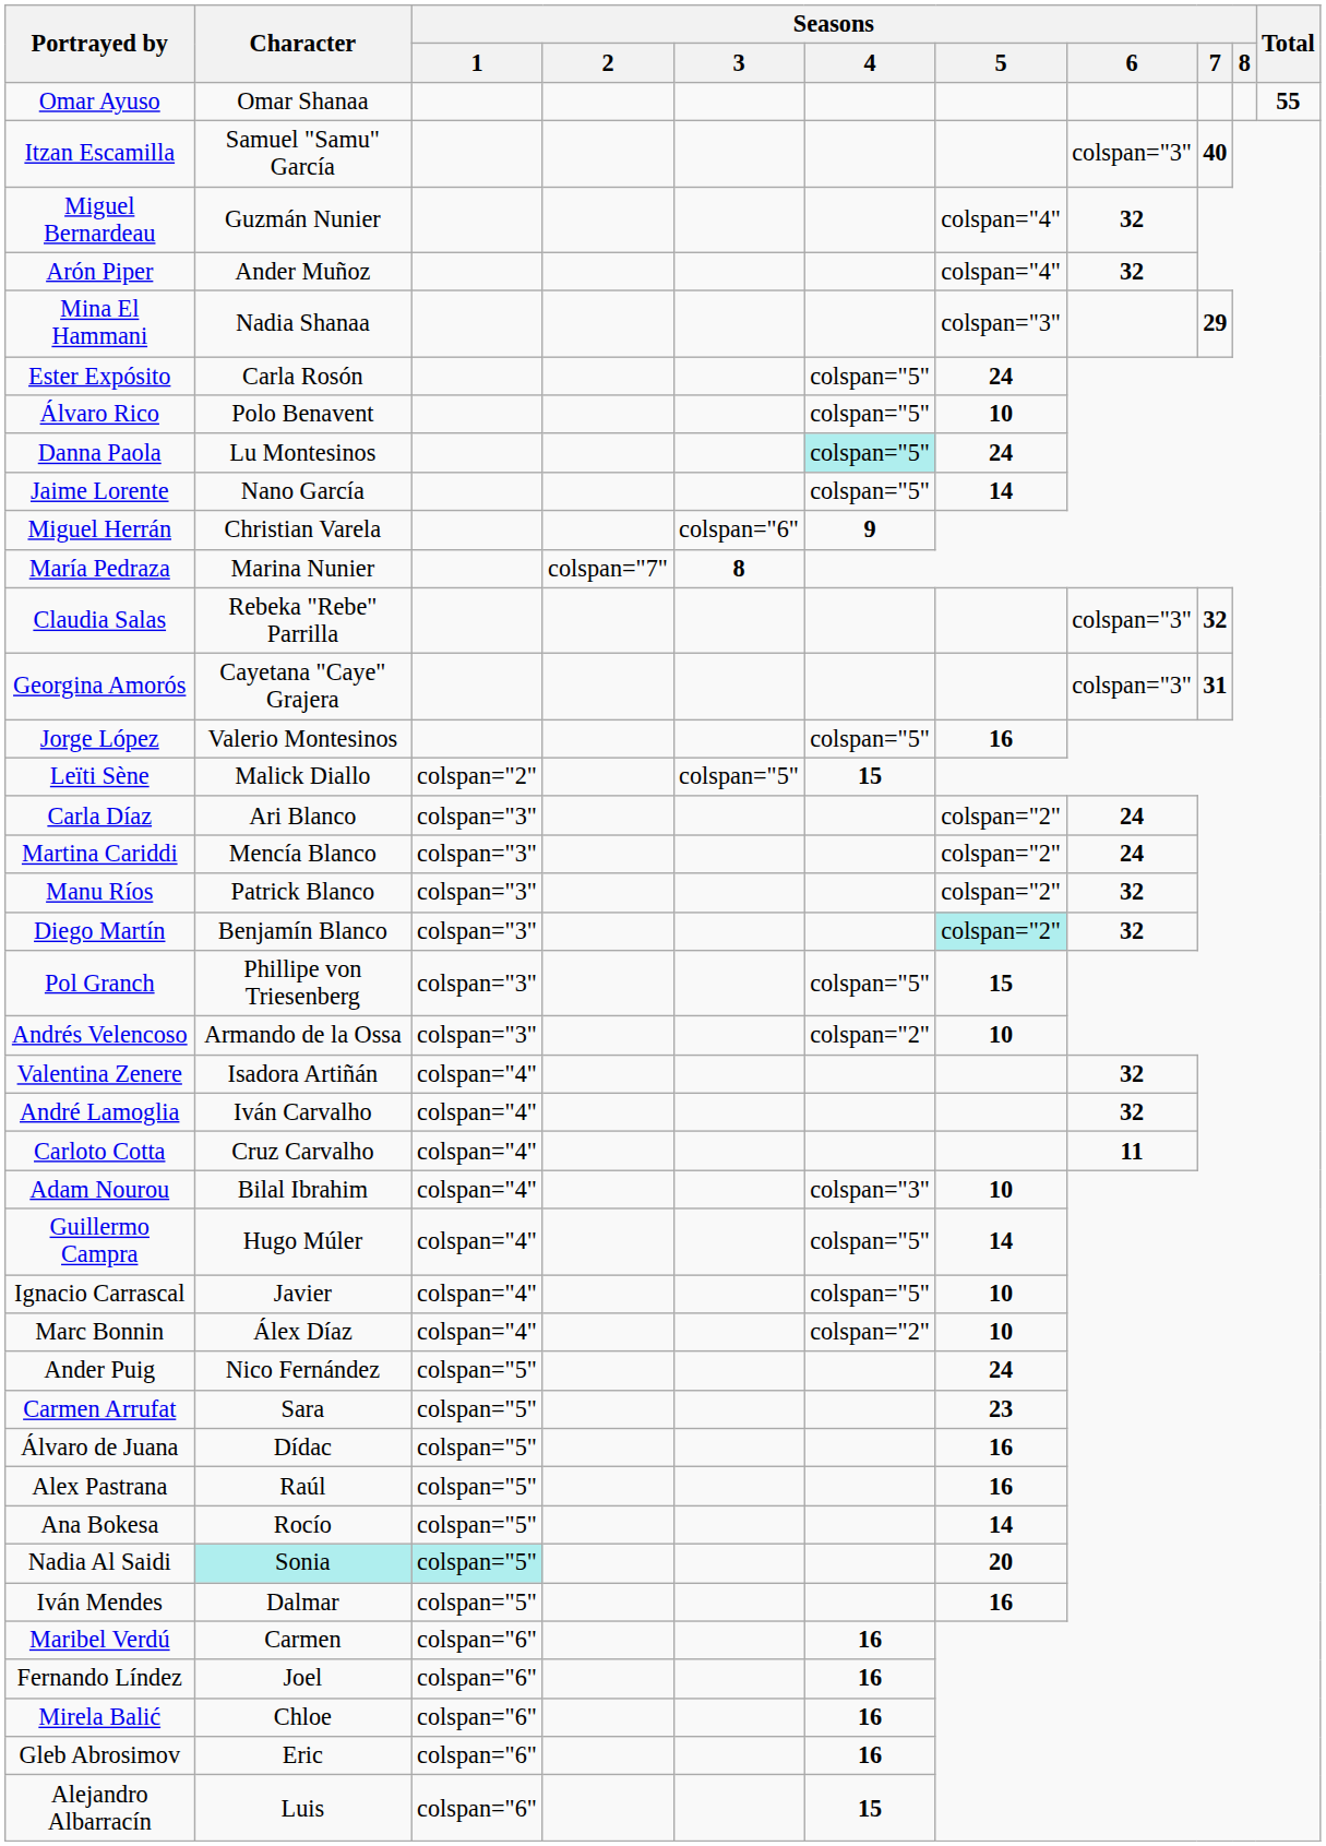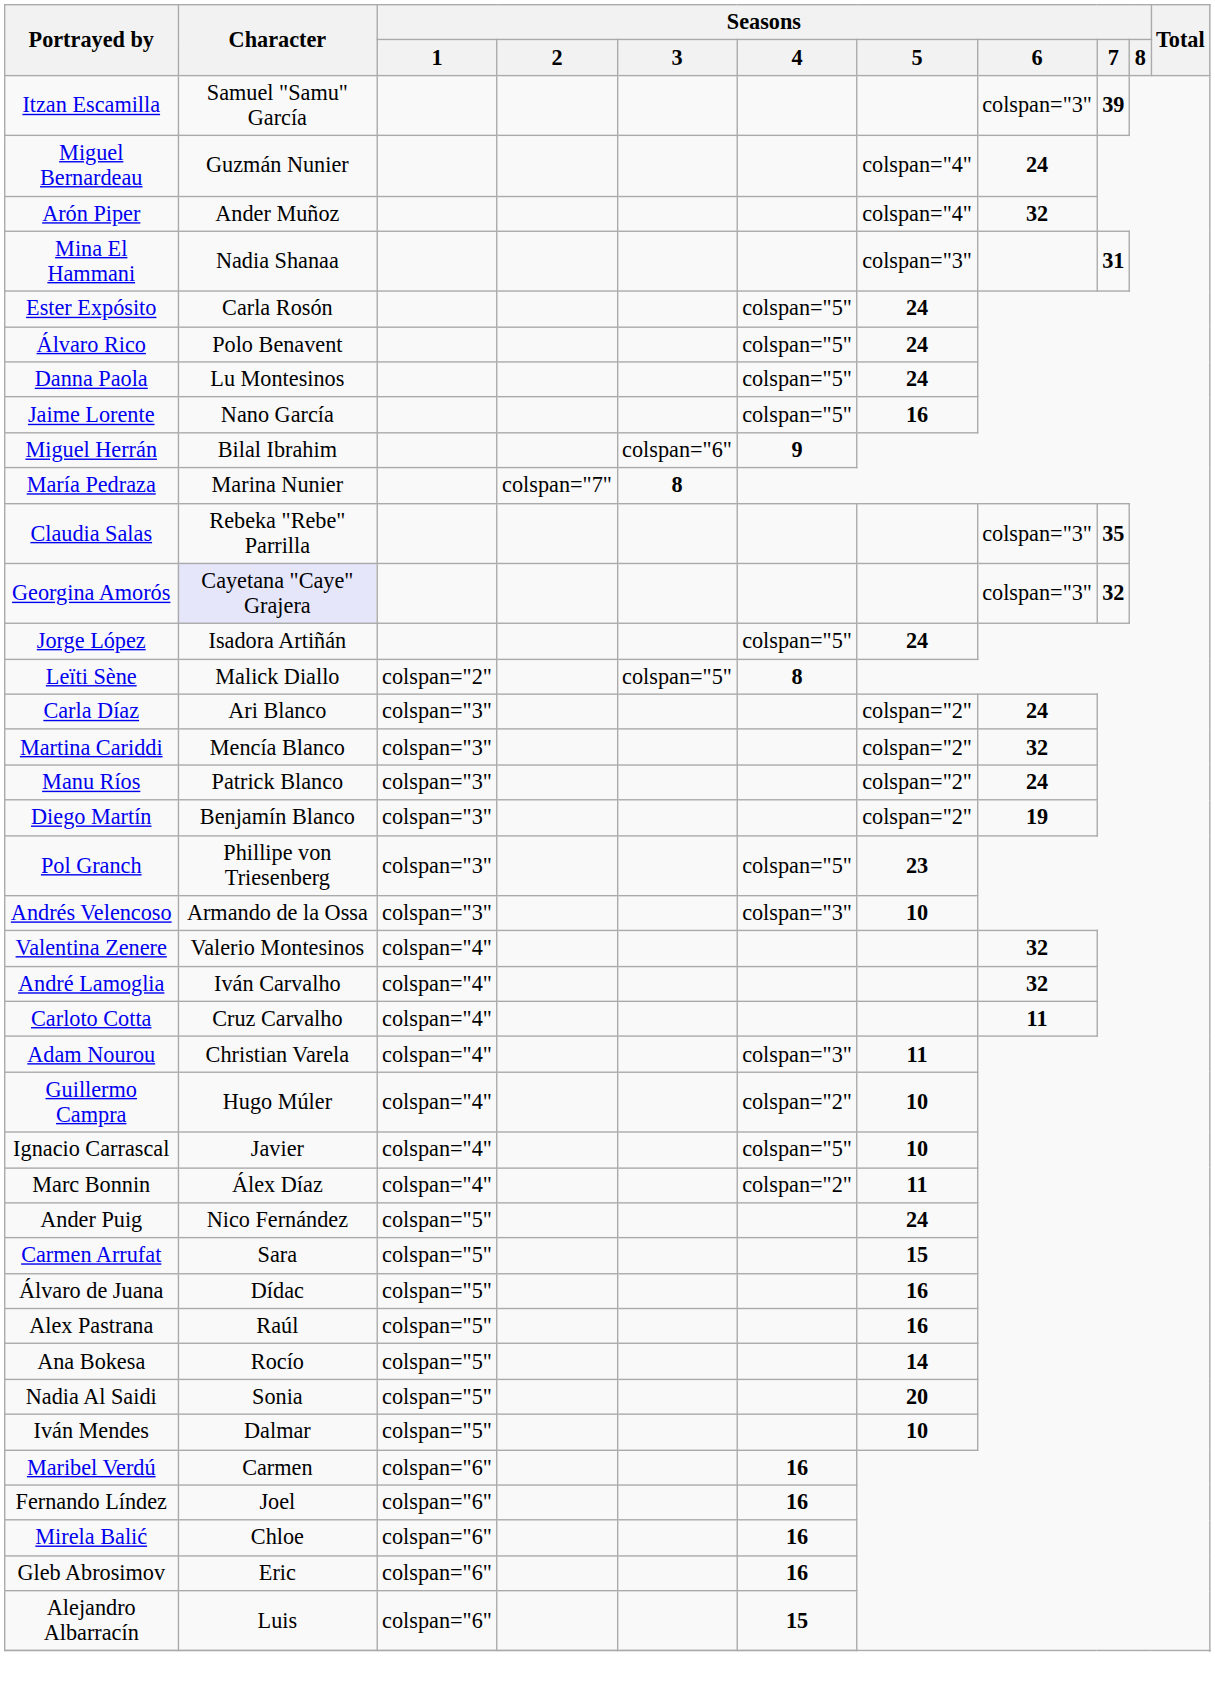 <table class="wikitable" style="text-align:center;">
 <tr>
 <th rowspan="2">Portrayed by</th>
 <th rowspan="2">Character</th>
 <th colspan="8">Seasons</th>
 <th rowspan="2">Total</th>
 </tr>
 <tr>
 <th>1</th>
 <th>2</th>
 <th>3</th>
 <th>4</th>
 <th>5</th>
 <th>6</th>
 <th>7</th>
 <th>8</th>
 </tr>
 <tr>
-<td><a href='#'>Omar Ayuso</a></td>
-<td>Omar Shanaa</td>
-<td></td>
-<td></td>
-<td></td>
-<td></td>
-<td></td>
-<td></td>
-<td></td>
-<td></td>
-<td><strong>55</strong></td>
-</tr>
-<tr>
 <td><a href='#'>Itzan Escamilla</a></td>
 <td>Samuel "Samu" García</td>
 <td></td>
 <td></td>
 <td></td>
 <td></td>
 <td></td>
 <td>colspan="3" </td>
-<td><strong>40</strong></td>
+<td><strong>39</strong></td>
 </tr>
 <tr>
 <td><a href='#'>Miguel Bernardeau</a></td>
 <td>Guzmán Nunier</td>
 <td></td>
 <td></td>
 <td></td>
 <td></td>
 <td>colspan="4" </td>
-<td><strong>32</strong></td>
+<td><strong>24</strong></td>
 </tr>
 <tr>
 <td><a href='#'>Arón Piper</a></td>
 <td>Ander Muñoz</td>
 <td></td>
 <td></td>
 <td></td>
 <td></td>
 <td>colspan="4" </td>
 <td><strong>32</strong></td>
 </tr>
 <tr>
 <td><a href='#'>Mina El Hammani</a></td>
 <td>Nadia Shanaa</td>
 <td></td>
 <td></td>
 <td></td>
 <td></td>
 <td>colspan="3" </td>
 <td></td>
-<td><strong>29</strong></td>
+<td><strong>31</strong></td>
 </tr>
 <tr>
 <td><a href='#'>Ester Expósito</a></td>
 <td>Carla Rosón</td>
 <td></td>
 <td></td>
 <td></td>
 <td>colspan="5" </td>
 <td><strong>24</strong></td>
 </tr>
 <tr>
 <td><a href='#'>Álvaro Rico</a></td>
 <td>Polo Benavent</td>
 <td></td>
 <td></td>
 <td></td>
 <td>colspan="5" </td>
-<td><strong>10</strong></td>
+<td><strong>24</strong></td>
 </tr>
 <tr>
 <td><a href='#'>Danna Paola</a></td>
 <td>Lu Montesinos</td>
 <td></td>
 <td></td>
 <td></td>
-<td style="background: paleturquoise;">colspan="5" </td>
+<td>colspan="5" </td>
 <td><strong>24</strong></td>
 </tr>
 <tr>
 <td><a href='#'>Jaime Lorente</a></td>
 <td>Nano García</td>
 <td></td>
 <td></td>
 <td></td>
 <td>colspan="5" </td>
-<td><strong>14</strong></td>
+<td><strong>16</strong></td>
 </tr>
 <tr>
 <td><a href='#'>Miguel Herrán</a></td>
-<td>Christian Varela</td>
+<td>Bilal Ibrahim</td>
 <td></td>
 <td></td>
 <td>colspan="6" </td>
 <td><strong>9</strong></td>
 </tr>
 <tr>
 <td><a href='#'>María Pedraza</a></td>
 <td>Marina Nunier</td>
 <td></td>
 <td>colspan="7" </td>
 <td><strong>8</strong></td>
 </tr>
 <tr>
 <td><a href='#'>Claudia Salas</a></td>
 <td>Rebeka "Rebe" Parrilla</td>
 <td></td>
 <td></td>
 <td></td>
 <td></td>
 <td></td>
 <td>colspan="3" </td>
-<td><strong>32</strong></td>
+<td><strong>35</strong></td>
 </tr>
 <tr>
 <td><a href='#'>Georgina Amorós</a></td>
-<td>Cayetana "Caye" Grajera</td>
+<td style="background: lavender;">Cayetana "Caye" Grajera</td>
 <td></td>
 <td></td>
 <td></td>
 <td></td>
 <td></td>
 <td>colspan="3" </td>
-<td><strong>31</strong></td>
+<td><strong>32</strong></td>
 </tr>
 <tr>
 <td><a href='#'>Jorge López</a></td>
-<td>Valerio Montesinos</td>
+<td>Isadora Artiñán</td>
 <td></td>
 <td></td>
 <td></td>
 <td>colspan="5" </td>
-<td><strong>16</strong></td>
+<td><strong>24</strong></td>
 </tr>
 <tr>
 <td><a href='#'>Leïti Sène</a></td>
 <td>Malick Diallo</td>
 <td>colspan="2" </td>
 <td></td>
 <td>colspan="5" </td>
-<td><strong>15</strong></td>
+<td><strong>8</strong></td>
 </tr>
 <tr>
 <td><a href='#'>Carla Díaz</a></td>
 <td>Ari Blanco</td>
 <td>colspan="3" </td>
 <td></td>
 <td></td>
 <td></td>
 <td>colspan="2" </td>
 <td><strong>24</strong></td>
 </tr>
 <tr>
 <td><a href='#'>Martina Cariddi</a></td>
 <td>Mencía Blanco</td>
 <td>colspan="3" </td>
 <td></td>
 <td></td>
 <td></td>
 <td>colspan="2" </td>
-<td><strong>24</strong></td>
+<td><strong>32</strong></td>
 </tr>
 <tr>
 <td><a href='#'>Manu Ríos</a></td>
 <td>Patrick Blanco</td>
 <td>colspan="3" </td>
 <td></td>
 <td></td>
 <td></td>
 <td>colspan="2" </td>
-<td><strong>32</strong></td>
+<td><strong>24</strong></td>
 </tr>
 <tr>
 <td><a href='#'>Diego Martín</a></td>
 <td>Benjamín Blanco</td>
 <td>colspan="3" </td>
 <td></td>
 <td></td>
 <td></td>
-<td style="background: paleturquoise;">colspan="2" </td>
-<td><strong>32</strong></td>
+<td>colspan="2" </td>
+<td><strong>19</strong></td>
 </tr>
 <tr>
 <td><a href='#'>Pol Granch</a></td>
 <td>Phillipe von Triesenberg</td>
 <td>colspan="3" </td>
 <td></td>
 <td></td>
 <td>colspan="5" </td>
-<td><strong>15</strong></td>
+<td><strong>23</strong></td>
 </tr>
 <tr>
 <td><a href='#'>Andrés Velencoso</a></td>
 <td>Armando de la Ossa</td>
 <td>colspan="3" </td>
 <td></td>
 <td></td>
-<td>colspan="2" </td>
+<td>colspan="3" </td>
 <td><strong>10</strong></td>
 </tr>
 <tr>
 <td><a href='#'>Valentina Zenere</a></td>
-<td>Isadora Artiñán</td>
+<td>Valerio Montesinos</td>
 <td>colspan="4" </td>
 <td></td>
 <td></td>
 <td></td>
 <td></td>
 <td><strong>32</strong></td>
 </tr>
 <tr>
 <td><a href='#'>André Lamoglia</a></td>
 <td>Iván Carvalho</td>
 <td>colspan="4" </td>
 <td></td>
 <td></td>
 <td></td>
 <td></td>
 <td><strong>32</strong></td>
 </tr>
 <tr>
 <td><a href='#'>Carloto Cotta</a></td>
 <td>Cruz Carvalho</td>
 <td>colspan="4" </td>
 <td></td>
 <td></td>
 <td></td>
 <td></td>
 <td><strong>11</strong></td>
 </tr>
 <tr>
 <td><a href='#'>Adam Nourou</a></td>
-<td>Bilal Ibrahim</td>
+<td>Christian Varela</td>
 <td>colspan="4" </td>
 <td></td>
 <td></td>
 <td>colspan="3" </td>
-<td><strong>10</strong></td>
+<td><strong>11</strong></td>
 </tr>
 <tr>
 <td><a href='#'>Guillermo Campra</a></td>
 <td>Hugo Múler</td>
 <td>colspan="4" </td>
 <td></td>
 <td></td>
-<td>colspan="5" </td>
-<td><strong>14</strong></td>
+<td>colspan="2" </td>
+<td><strong>10</strong></td>
 </tr>
 <tr>
 <td>Ignacio Carrascal</td>
 <td>Javier</td>
 <td>colspan="4" </td>
 <td></td>
 <td></td>
 <td>colspan="5" </td>
 <td><strong>10</strong></td>
 </tr>
 <tr>
 <td>Marc Bonnin</td>
 <td>Álex Díaz</td>
 <td>colspan="4" </td>
 <td></td>
 <td></td>
 <td>colspan="2" </td>
-<td><strong>10</strong></td>
+<td><strong>11</strong></td>
 </tr>
 <tr>
 <td>Ander Puig</td>
 <td>Nico Fernández</td>
 <td>colspan="5" </td>
 <td></td>
 <td></td>
 <td></td>
 <td><strong>24</strong></td>
 </tr>
 <tr>
 <td><a href='#'>Carmen Arrufat</a></td>
 <td>Sara</td>
 <td>colspan="5" </td>
 <td></td>
 <td></td>
 <td></td>
-<td><strong>23</strong></td>
+<td><strong>15</strong></td>
 </tr>
 <tr>
 <td>Álvaro de Juana</td>
 <td>Dídac</td>
 <td>colspan="5" </td>
 <td></td>
 <td></td>
 <td></td>
 <td><strong>16</strong></td>
 </tr>
 <tr>
 <td>Alex Pastrana</td>
 <td>Raúl</td>
 <td>colspan="5" </td>
 <td></td>
 <td></td>
 <td></td>
 <td><strong>16</strong></td>
 </tr>
 <tr>
 <td>Ana Bokesa</td>
 <td>Rocío</td>
 <td>colspan="5" </td>
 <td></td>
 <td></td>
 <td></td>
 <td><strong>14</strong></td>
 </tr>
 <tr>
 <td>Nadia Al Saidi</td>
-<td style="background: paleturquoise;">Sonia</td>
-<td style="background: paleturquoise;">colspan="5" </td>
+<td>Sonia</td>
+<td>colspan="5" </td>
 <td></td>
 <td></td>
 <td></td>
 <td><strong>20</strong></td>
 </tr>
 <tr>
 <td>Iván Mendes</td>
 <td>Dalmar</td>
 <td>colspan="5" </td>
 <td></td>
 <td></td>
 <td></td>
-<td><strong>16</strong></td>
+<td><strong>10</strong></td>
 </tr>
 <tr>
 <td><a href='#'>Maribel Verdú</a></td>
 <td>Carmen</td>
 <td>colspan="6" </td>
 <td></td>
 <td></td>
 <td><strong>16</strong></td>
 </tr>
 <tr>
 <td>Fernando Líndez</td>
 <td>Joel</td>
 <td>colspan="6" </td>
 <td></td>
 <td></td>
 <td><strong>16</strong></td>
 </tr>
 <tr>
 <td><a href='#'>Mirela Balić</a></td>
 <td>Chloe</td>
 <td>colspan="6" </td>
 <td></td>
 <td></td>
 <td><strong>16</strong></td>
 </tr>
 <tr>
 <td>Gleb Abrosimov</td>
 <td>Eric</td>
 <td>colspan="6" </td>
 <td></td>
 <td></td>
 <td><strong>16</strong></td>
 </tr>
 <tr>
 <td>Alejandro Albarracín</td>
 <td>Luis</td>
 <td>colspan="6" </td>
 <td></td>
 <td></td>
 <td><strong>15</strong></td>
 </tr>
 <tr>
 </tr>
 </table>
